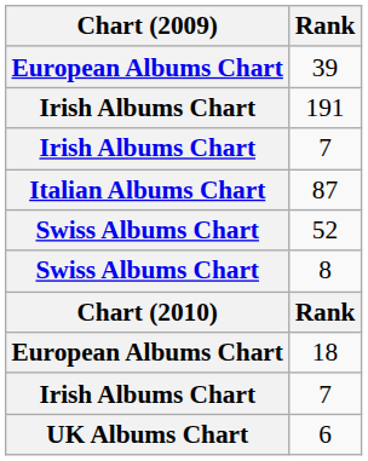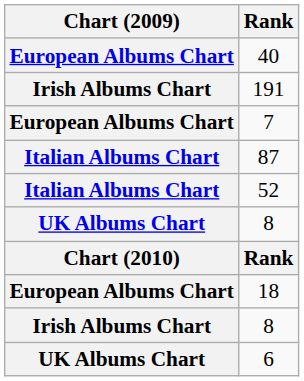 <table class="wikitable plainrowheaders sortable" style="text-align:center;">
 <tr>
 <th>Chart (2009)</th>
 <th>Rank</th>
 </tr>
 <tr>
 <th scope="row"><a href='#'>European Albums Chart</a></th>
-<td>39</td>
+<td>40</td>
 </tr>
 <tr>
 <th scope="row">Irish Albums Chart</th>
 <td>191</td>
 </tr>
 <tr>
-<th scope="row"><a href='#'>Irish Albums Chart</a></th>
+<th scope="row">European Albums Chart</th>
 <td>7</td>
 </tr>
 <tr>
 <th scope="row"><a href='#'>Italian Albums Chart</a></th>
 <td>87</td>
 </tr>
 <tr>
-<th scope="row"><a href='#'>Swiss Albums Chart</a></th>
+<th scope="row"><a href='#'>Italian Albums Chart</a></th>
 <td>52</td>
 </tr>
 <tr>
-<th scope="row"><a href='#'>Swiss Albums Chart</a></th>
+<th scope="row"><a href='#'>UK Albums Chart</a></th>
 <td>8</td>
 </tr>
 <tr>
 <th>Chart (2010)</th>
 <th>Rank</th>
 </tr>
 <tr>
 <th scope="row">European Albums Chart</th>
 <td>18</td>
 </tr>
 <tr>
 <th scope="row">Irish Albums Chart</th>
-<td>7</td>
+<td>8</td>
 </tr>
 <tr>
 <th scope="row">UK Albums Chart</th>
 <td align="center">6</td>
 </tr>
 </table>
